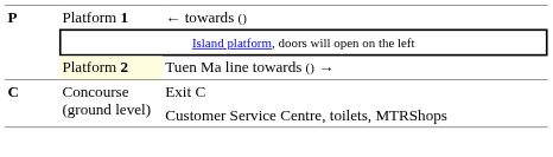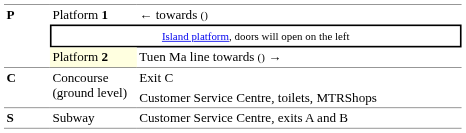 <table border=0 cellspacing=0 cellpadding=3>
 <tr>
 <td style="border-top:solid 1px gray;border-bottom:solid 1px gray;width:50px;vertical-align:top;" rowspan=3><strong>P</strong></td>
 <td style="border-top:solid 1px gray;width:100px;">Platform <span><strong>1</strong></span></td>
 <td style="border-top:solid 1px gray;width:390px;">←  towards  <small>()</small></td>
 </tr>
 <tr>
 <td style="border-top:solid 2px black;border-right:solid 2px black;border-left:solid 2px black;border-bottom:solid 2px black;text-align:center;" colspan=2><small><a href='#'>Island platform</a>, doors will open on the left</small></td>
 </tr>
 <tr>
 <td style="background: lightyellow; border-bottom:solid 1px gray;">Platform <span><strong>2</strong></span></td>
 <td style="border-bottom:solid 1px gray;">  Tuen Ma line towards  <small>()</small> →</td>
 </tr>
 <tr>
 <td style="border-bottom:solid 1px gray;vertical-align:top;" rowspan=2><strong>C</strong></td>
 <td style="border-bottom:solid 1px gray;vertical-align:top;" rowspan=2>Concourse<br>(ground level)</td>
 <td>Exit C</td>
 </tr>
 <tr>
 <td style="border-bottom:solid 1px gray;">Customer Service Centre, toilets, MTRShops</td>
 </tr>
+<tr>
+<td style="border-bottom:solid 1px gray;vertical-align:top;"><strong>S</strong></td>
+<td style="border-bottom:solid 1px gray;vertical-align:top;">Subway</td>
+<td style="border-bottom:solid 1px gray;vertical-align:top;">Customer Service Centre, exits A and B</td>
+</tr>
 </table>
